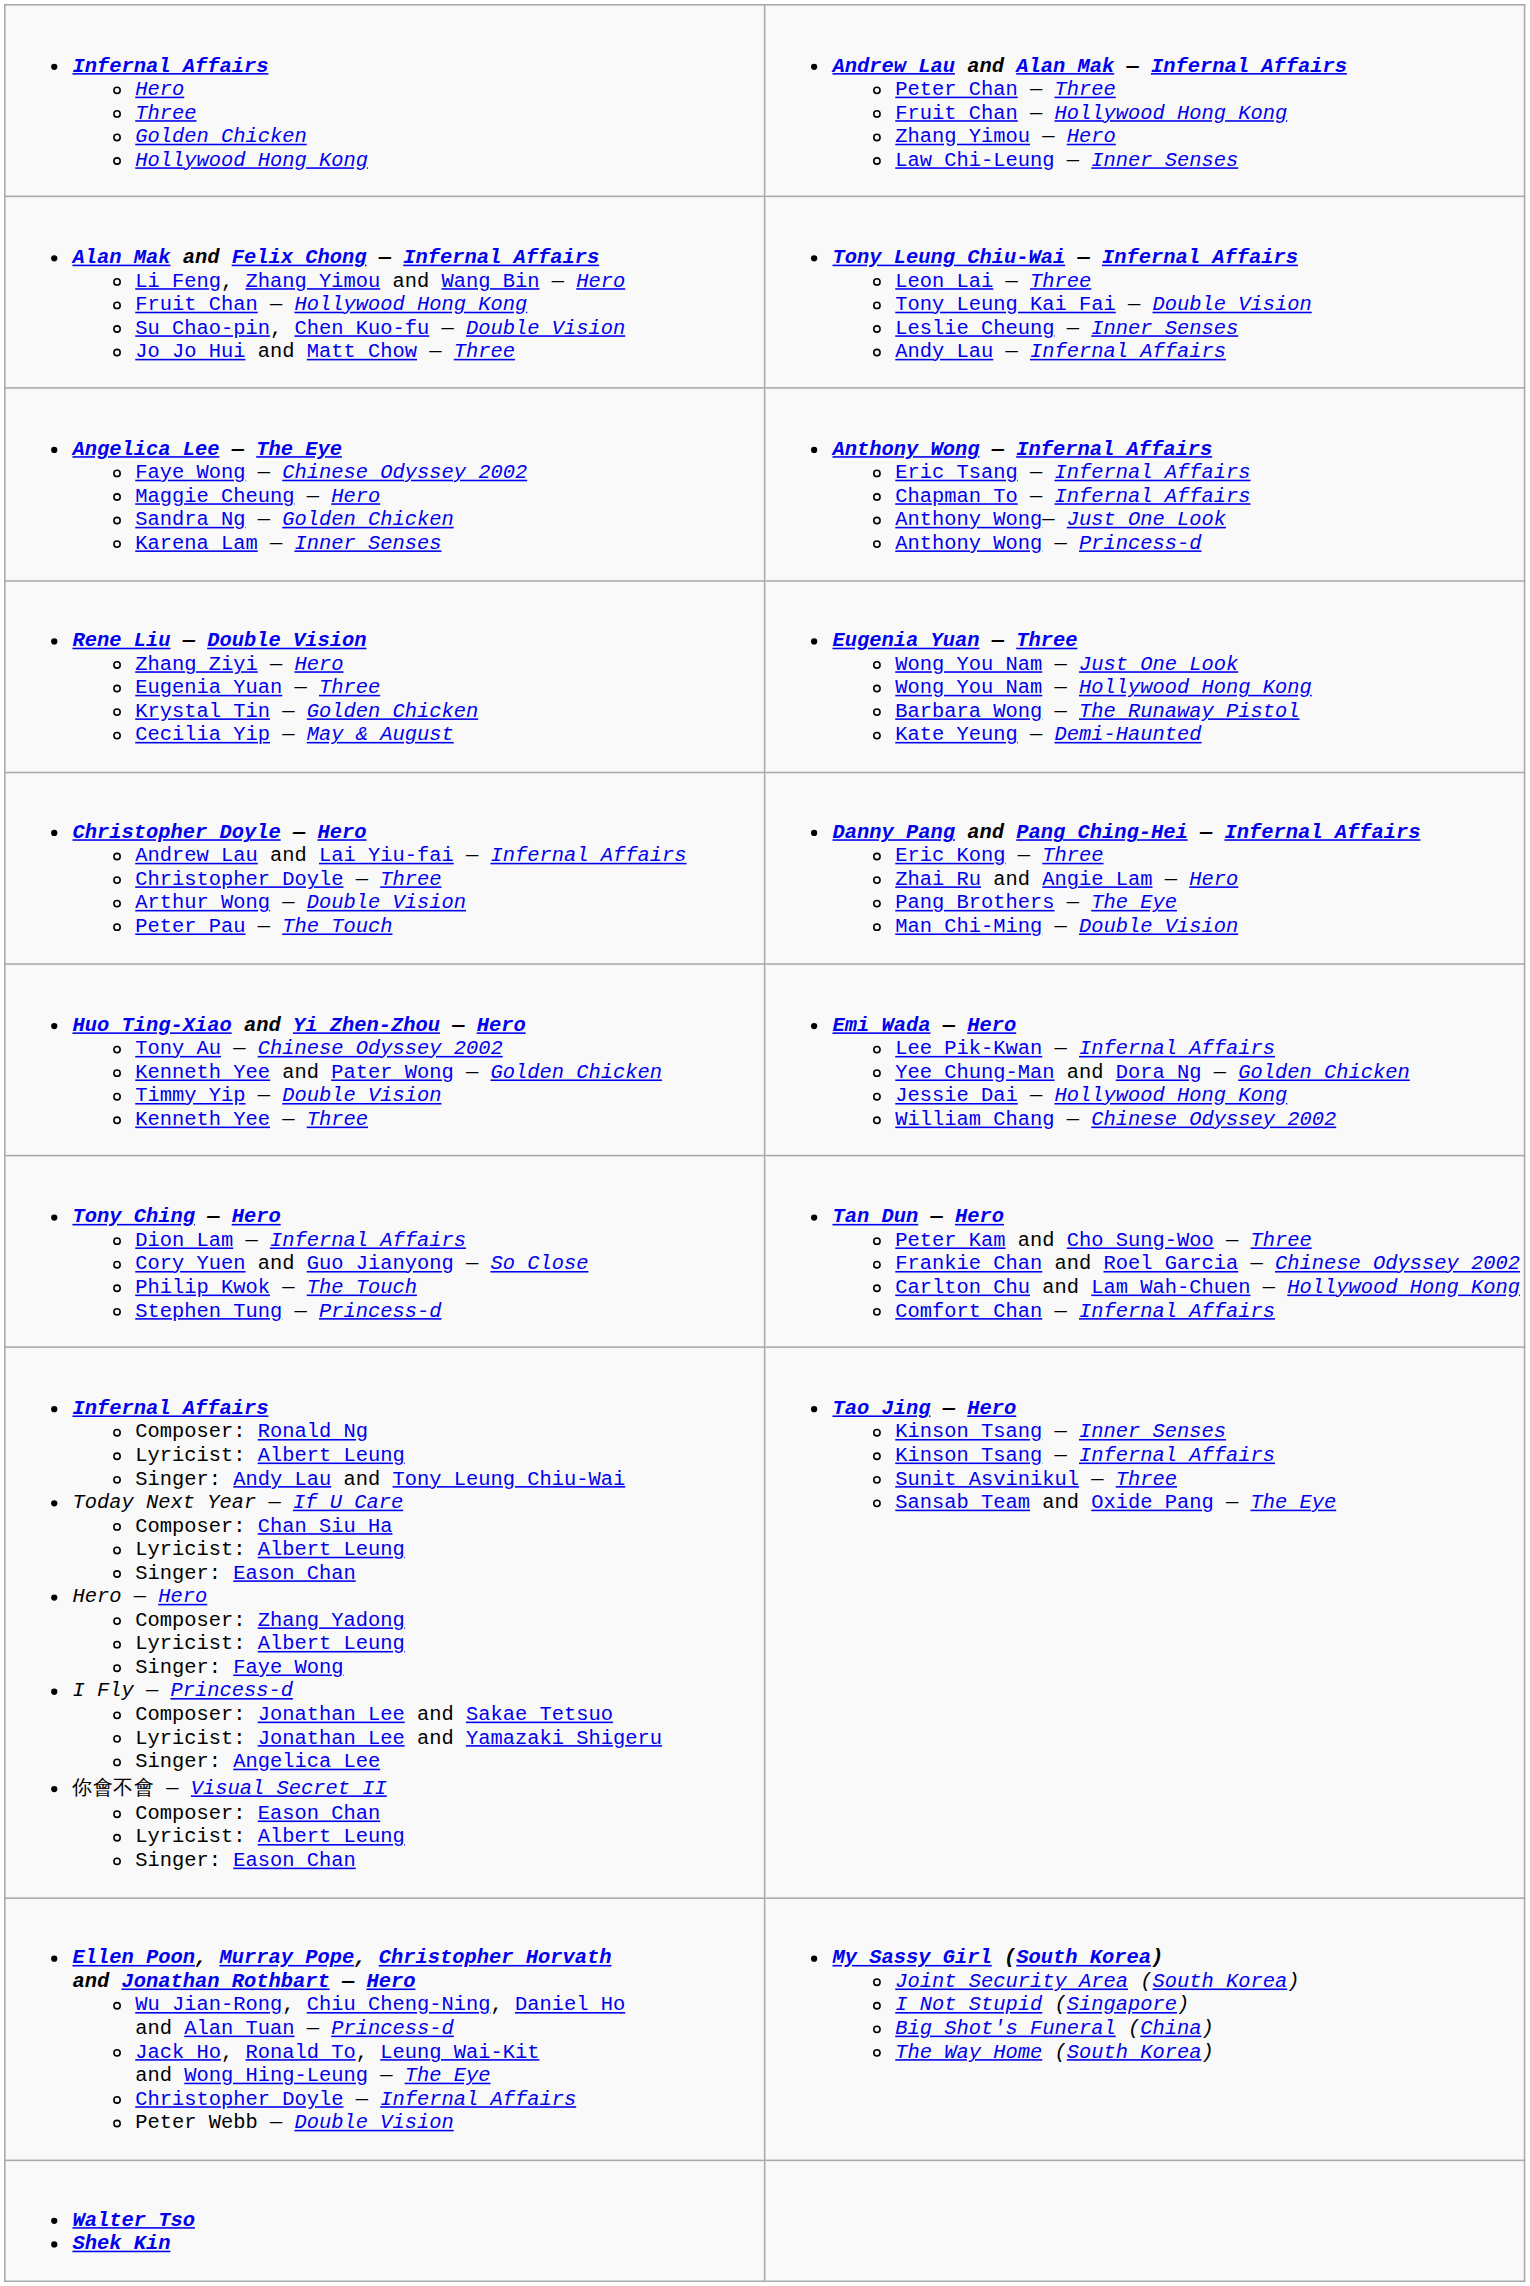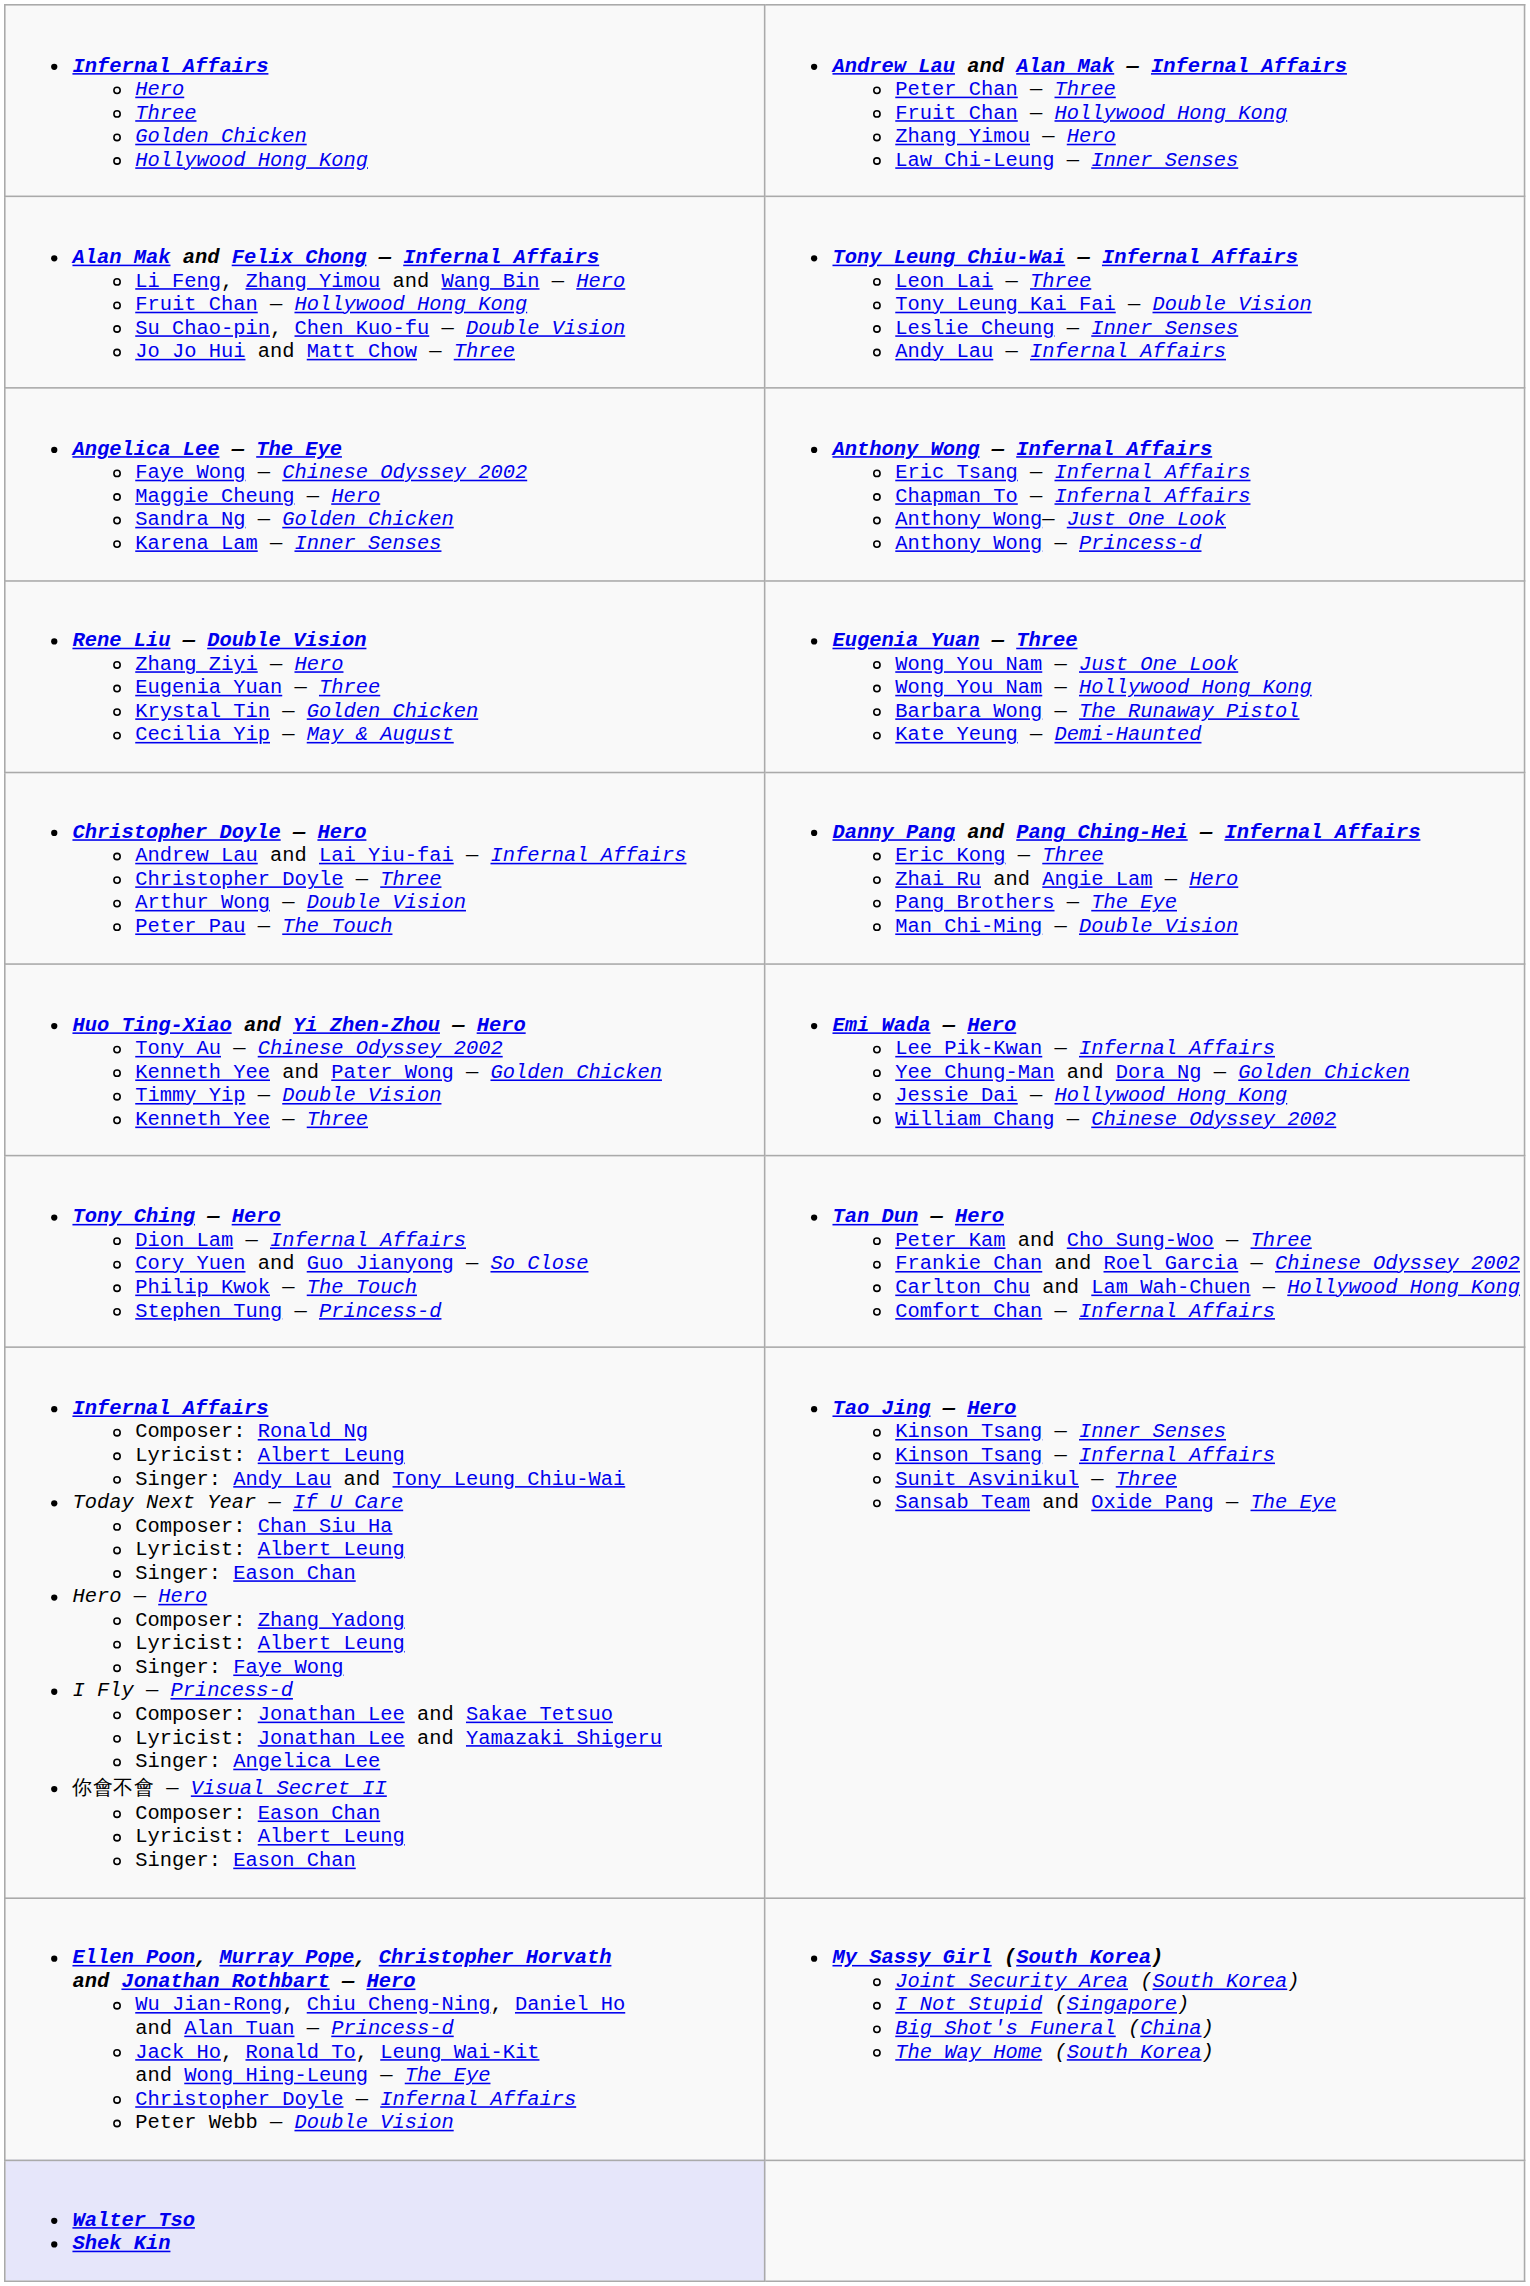 <table class=wikitable>
 <tr>
 <td valign="top" width="50%"><br><ul><li><strong><em><a href='#'>Infernal Affairs</a></em></strong><ul><li><em><a href='#'>Hero</a></em></li><li><em><a href='#'>Three</a></em></li><li><em><a href='#'>Golden Chicken</a></em></li><li><em><a href='#'>Hollywood Hong Kong</a></em></li></ul></li></ul></td>
 <td valign="top" width="50%"><br><ul><li><strong><em><a href='#'>Andrew Lau</a> and <a href='#'>Alan Mak</a> — <a href='#'>Infernal Affairs</a></em></strong><ul><li><a href='#'>Peter Chan</a> — <em><a href='#'>Three</a></em></li><li><a href='#'>Fruit Chan</a> — <em><a href='#'>Hollywood Hong Kong</a></em></li><li><a href='#'>Zhang Yimou</a> — <em><a href='#'>Hero</a></em></li><li><a href='#'>Law Chi-Leung</a> — <em><a href='#'>Inner Senses</a></em></li></ul></li></ul></td>
 </tr>
 <tr>
 <td valign="top" width="50%"><br><ul><li><strong><em><a href='#'>Alan Mak</a> and <a href='#'>Felix Chong</a> — <a href='#'>Infernal Affairs</a></em></strong><ul><li><a href='#'>Li Feng</a>, <a href='#'>Zhang Yimou</a> and <a href='#'>Wang Bin</a> — <em><a href='#'>Hero</a></em></li><li><a href='#'>Fruit Chan</a> — <em><a href='#'>Hollywood Hong Kong</a></em></li><li><a href='#'>Su Chao-pin</a>, <a href='#'>Chen Kuo-fu</a> — <em><a href='#'>Double Vision</a></em></li><li><a href='#'>Jo Jo Hui</a> and <a href='#'>Matt Chow</a> — <em><a href='#'>Three</a></em></li></ul></li></ul></td>
 <td valign="top" width="50%"><br><ul><li><strong><em><a href='#'>Tony Leung Chiu-Wai</a> — <a href='#'>Infernal Affairs</a></em></strong><ul><li><a href='#'>Leon Lai</a> — <em><a href='#'>Three</a></em></li><li><a href='#'>Tony Leung Kai Fai</a> — <em><a href='#'>Double Vision</a></em></li><li><a href='#'>Leslie Cheung</a> — <em><a href='#'>Inner Senses</a></em></li><li><a href='#'>Andy Lau</a> — <em><a href='#'>Infernal Affairs</a></em></li></ul></li></ul></td>
 </tr>
 <tr>
 <td valign="top" width="50%"><br><ul><li><strong><em><a href='#'>Angelica Lee</a> — <a href='#'>The Eye</a></em></strong><ul><li><a href='#'>Faye Wong</a> — <em><a href='#'>Chinese Odyssey 2002</a></em></li><li><a href='#'>Maggie Cheung</a> — <em><a href='#'>Hero</a></em></li><li><a href='#'>Sandra Ng</a> — <em><a href='#'>Golden Chicken</a></em></li><li><a href='#'>Karena Lam</a> — <em><a href='#'>Inner Senses</a></em></li></ul></li></ul></td>
 <td valign="top" width="50%"><br><ul><li><strong><em><a href='#'>Anthony Wong</a> — <a href='#'>Infernal Affairs</a></em></strong><ul><li><a href='#'>Eric Tsang</a> — <em><a href='#'>Infernal Affairs</a></em></li><li><a href='#'>Chapman To</a> — <em><a href='#'>Infernal Affairs</a></em></li><li><a href='#'>Anthony Wong</a>— <em><a href='#'>Just One Look</a></em></li><li><a href='#'>Anthony Wong</a> — <em><a href='#'>Princess-d</a></em></li></ul></li></ul></td>
 </tr>
 <tr>
 <td valign="top" width="50%"><br><ul><li><strong><em><a href='#'>Rene Liu</a> — <a href='#'>Double Vision</a></em></strong><ul><li><a href='#'>Zhang Ziyi</a> — <em><a href='#'>Hero</a></em></li><li><a href='#'>Eugenia Yuan</a> — <em><a href='#'>Three</a></em></li><li><a href='#'>Krystal Tin</a> — <em><a href='#'>Golden Chicken</a></em></li><li><a href='#'>Cecilia Yip</a> — <em><a href='#'>May & August</a></em></li></ul></li></ul></td>
 <td valign="top" width="50%"><br><ul><li><strong><em><a href='#'>Eugenia Yuan</a> — <a href='#'>Three</a></em></strong><ul><li><a href='#'>Wong You Nam</a> — <em><a href='#'>Just One Look</a></em></li><li><a href='#'>Wong You Nam</a> — <em><a href='#'>Hollywood Hong Kong</a></em></li><li><a href='#'>Barbara Wong</a> — <em><a href='#'>The Runaway Pistol</a></em></li><li><a href='#'>Kate Yeung</a> — <em><a href='#'>Demi-Haunted</a></em></li></ul></li></ul></td>
 </tr>
 <tr>
 <td valign="top" width="50%"><br><ul><li><strong><em><a href='#'>Christopher Doyle</a> — <a href='#'>Hero</a></em></strong><ul><li><a href='#'>Andrew Lau</a> and <a href='#'>Lai Yiu-fai</a> — <em><a href='#'>Infernal Affairs</a></em></li><li><a href='#'>Christopher Doyle</a> — <em><a href='#'>Three</a></em></li><li><a href='#'>Arthur Wong</a> — <em><a href='#'>Double Vision</a></em></li><li><a href='#'>Peter Pau</a> — <em><a href='#'>The Touch</a></em></li></ul></li></ul></td>
 <td valign="top" width="50%"><br><ul><li><strong><em><a href='#'>Danny Pang</a> and <a href='#'>Pang Ching-Hei</a> — <a href='#'>Infernal Affairs</a></em></strong><ul><li><a href='#'>Eric Kong</a> — <em><a href='#'>Three</a></em></li><li><a href='#'>Zhai Ru</a> and <a href='#'>Angie Lam</a> — <em><a href='#'>Hero</a></em></li><li><a href='#'>Pang Brothers</a> — <em><a href='#'>The Eye</a></em></li><li><a href='#'>Man Chi-Ming</a> — <em><a href='#'>Double Vision</a></em></li></ul></li></ul></td>
 </tr>
 <tr>
 <td valign="top" width="50%"><br><ul><li><strong><em><a href='#'>Huo Ting-Xiao</a> and <a href='#'>Yi Zhen-Zhou</a> — <a href='#'>Hero</a></em></strong><ul><li><a href='#'>Tony Au</a> — <em><a href='#'>Chinese Odyssey 2002</a></em></li><li><a href='#'>Kenneth Yee</a> and <a href='#'>Pater Wong</a> — <em><a href='#'>Golden Chicken</a></em></li><li><a href='#'>Timmy Yip</a> — <em><a href='#'>Double Vision</a></em></li><li><a href='#'>Kenneth Yee</a> — <em><a href='#'>Three</a></em></li></ul></li></ul></td>
 <td valign="top" width="50%"><br><ul><li><strong><em><a href='#'>Emi Wada</a> — <a href='#'>Hero</a></em></strong><ul><li><a href='#'>Lee Pik-Kwan</a> — <em><a href='#'>Infernal Affairs</a></em></li><li><a href='#'>Yee Chung-Man</a> and <a href='#'>Dora Ng</a> — <em><a href='#'>Golden Chicken</a></em></li><li><a href='#'>Jessie Dai</a> — <em><a href='#'>Hollywood Hong Kong</a></em></li><li><a href='#'>William Chang</a> — <em><a href='#'>Chinese Odyssey 2002</a></em></li></ul></li></ul></td>
 </tr>
 <tr>
 <td valign="top" width="50%"><br><ul><li><strong><em><a href='#'>Tony Ching</a> — <a href='#'>Hero</a></em></strong><ul><li><a href='#'>Dion Lam</a> — <em><a href='#'>Infernal Affairs</a></em></li><li><a href='#'>Cory Yuen</a> and <a href='#'>Guo Jianyong</a> — <em><a href='#'>So Close</a></em></li><li><a href='#'>Philip Kwok</a> — <em><a href='#'>The Touch</a></em></li><li><a href='#'>Stephen Tung</a> — <em><a href='#'>Princess-d</a></em></li></ul></li></ul></td>
 <td valign="top" width="50%"><br><ul><li><strong><em><a href='#'>Tan Dun</a> — <a href='#'>Hero</a></em></strong><ul><li><a href='#'>Peter Kam</a> and <a href='#'>Cho Sung-Woo</a> — <em><a href='#'>Three</a></em></li><li><a href='#'>Frankie Chan</a> and <a href='#'>Roel Garcia</a> — <em><a href='#'>Chinese Odyssey 2002</a></em></li><li><a href='#'>Carlton Chu</a> and <a href='#'>Lam Wah-Chuen</a> — <em><a href='#'>Hollywood Hong Kong</a></em></li><li><a href='#'>Comfort Chan</a> — <em><a href='#'>Infernal Affairs</a></em></li></ul></li></ul></td>
 </tr>
 <tr>
 <td valign="top" width="50%"><br><ul><li><strong><em><a href='#'>Infernal Affairs</a></em></strong><ul><li>Composer: <a href='#'>Ronald Ng</a></li><li>Lyricist: <a href='#'>Albert Leung</a></li><li>Singer: <a href='#'>Andy Lau</a> and <a href='#'>Tony Leung Chiu-Wai</a></li></ul></li><li><em>Today Next Year</em> — <em><a href='#'>If U Care</a></em><ul><li>Composer: <a href='#'>Chan Siu Ha</a></li><li>Lyricist: <a href='#'>Albert Leung</a></li><li>Singer: <a href='#'>Eason Chan</a></li></ul></li><li><em>Hero</em> — <em><a href='#'>Hero</a></em><ul><li>Composer: <a href='#'>Zhang Yadong</a></li><li>Lyricist: <a href='#'>Albert Leung</a></li><li>Singer: <a href='#'>Faye Wong</a></li></ul></li><li><em>I Fly</em> — <em><a href='#'>Princess-d</a></em><ul><li>Composer: <a href='#'>Jonathan Lee</a> and <a href='#'>Sakae Tetsuo</a></li><li>Lyricist: <a href='#'>Jonathan Lee</a> and <a href='#'>Yamazaki Shigeru</a></li><li>Singer: <a href='#'>Angelica Lee</a></li></ul></li><li>你會不會 — <em><a href='#'>Visual Secret II</a></em><ul><li>Composer: <a href='#'>Eason Chan</a></li><li>Lyricist: <a href='#'>Albert Leung</a></li><li>Singer: <a href='#'>Eason Chan</a></li></ul></li></ul></td>
 <td valign="top" width="50%"><br><ul><li><strong><em><a href='#'>Tao Jing</a> — <a href='#'>Hero</a></em></strong><ul><li><a href='#'>Kinson Tsang</a> — <em><a href='#'>Inner Senses</a></em></li><li><a href='#'>Kinson Tsang</a> — <em><a href='#'>Infernal Affairs</a></em></li><li><a href='#'>Sunit Asvinikul</a> — <em><a href='#'>Three</a></em></li><li><a href='#'>Sansab Team</a> and <a href='#'>Oxide Pang</a> — <em><a href='#'>The Eye</a></em></li></ul></li></ul></td>
 </tr>
 <tr>
 <td valign="top" width="50%"><br><ul><li><strong><em><a href='#'>Ellen Poon</a>, <a href='#'>Murray Pope</a>, <a href='#'>Christopher Horvath</a> <br> and <a href='#'>Jonathan Rothbart</a> — <a href='#'>Hero</a></em></strong><ul><li><a href='#'>Wu Jian-Rong</a>, <a href='#'>Chiu Cheng-Ning</a>, <a href='#'>Daniel Ho</a> <br> and  <a href='#'>Alan Tuan</a> — <em><a href='#'>Princess-d</a></em></li><li><a href='#'>Jack Ho</a>, <a href='#'>Ronald To</a>, <a href='#'>Leung Wai-Kit</a> <br> and  <a href='#'>Wong Hing-Leung</a> — <em><a href='#'>The Eye</a></em></li><li><a href='#'>Christopher Doyle</a> — <em><a href='#'>Infernal Affairs</a></em></li><li>Peter Webb — <em><a href='#'>Double Vision</a></em></li></ul></li></ul></td>
 <td valign="top" width="50%"><br><ul><li><strong><em><a href='#'>My Sassy Girl</a> (<a href='#'>South Korea</a>)</em></strong><ul><li><em><a href='#'>Joint Security Area</a> (<a href='#'>South Korea</a>)</em></li><li><em><a href='#'>I Not Stupid</a> (<a href='#'>Singapore</a>)</em></li><li><em><a href='#'>Big Shot's Funeral</a>  (<a href='#'>China</a>)</em></li><li><em><a href='#'>The Way Home</a>  (<a href='#'>South Korea</a>)</em></li></ul></li></ul></td>
 </tr>
 <tr>
-<td valign="top" width="50%"><br><ul><li><strong><em><a href='#'>Walter Tso</a></em></strong></li><li><strong><em><a href='#'>Shek Kin</a></em></strong></li></ul></td>
+<td valign="top" width="50%" style="background: lavender;"><br><ul><li><strong><em><a href='#'>Walter Tso</a></em></strong></li><li><strong><em><a href='#'>Shek Kin</a></em></strong></li></ul></td>
 </tr>
 </table>
